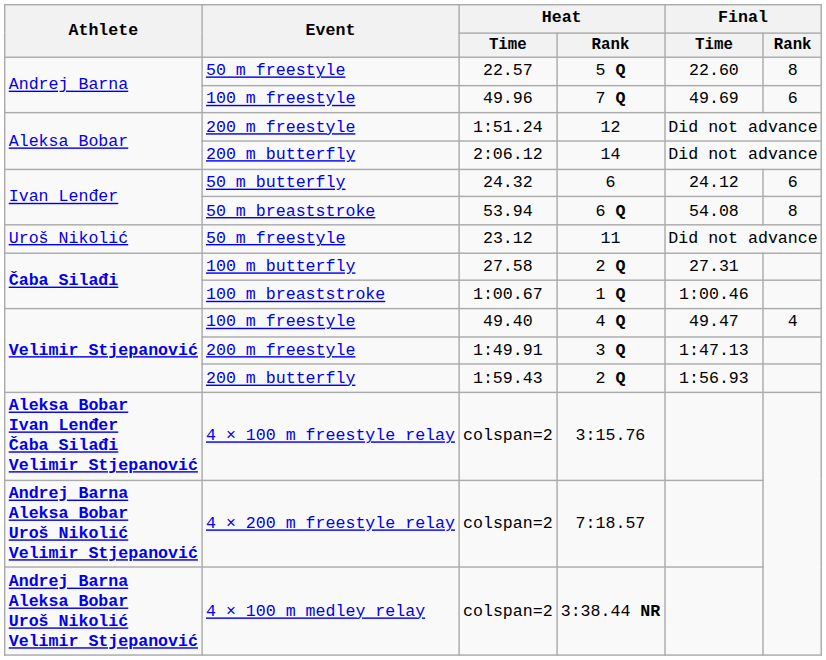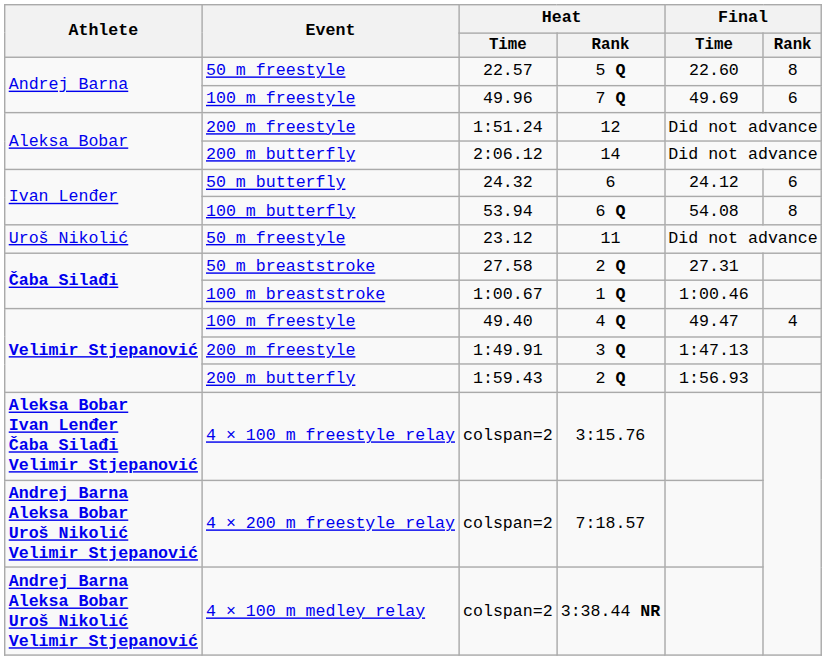 <table class=wikitable style="font-size:90%">
 <tr>
 <th rowspan="2">Athlete</th>
 <th rowspan="2">Event</th>
 <th colspan="2">Heat</th>
 <th colspan="2">Final</th>
 </tr>
 <tr style="font-size:95%">
 <th>Time</th>
 <th>Rank</th>
 <th>Time</th>
 <th>Rank</th>
 </tr>
 <tr align=center>
 <td align=left rowspan=2><a href='#'>Andrej Barna</a></td>
 <td align=left><a href='#'>50 m freestyle</a></td>
 <td>22.57</td>
 <td>5 <strong>Q</strong></td>
 <td>22.60</td>
 <td>8</td>
 </tr>
 <tr align=center>
 <td align=left><a href='#'>100 m freestyle</a></td>
 <td>49.96</td>
 <td>7 <strong>Q</strong></td>
 <td>49.69</td>
 <td>6</td>
 </tr>
 <tr align=center>
 <td align=left rowspan=2><a href='#'>Aleksa Bobar</a></td>
 <td align=left><a href='#'>200 m freestyle</a></td>
 <td>1:51.24</td>
 <td>12</td>
 <td colspan=2>Did not advance</td>
 </tr>
 <tr align=center>
 <td align=left><a href='#'>200 m butterfly</a></td>
 <td>2:06.12</td>
 <td>14</td>
 <td colspan=2>Did not advance</td>
 </tr>
 <tr align=center>
 <td align=left rowspan=2><a href='#'>Ivan Lenđer</a></td>
 <td align=left><a href='#'>50 m butterfly</a></td>
 <td>24.32</td>
 <td>6</td>
 <td>24.12</td>
 <td>6</td>
 </tr>
 <tr align=center>
-<td align=left><a href='#'>50 m breaststroke</a></td>
+<td align=left><a href='#'>100 m butterfly</a></td>
 <td>53.94</td>
 <td>6 <strong>Q</strong></td>
 <td>54.08</td>
 <td>8</td>
 </tr>
 <tr align=center>
 <td align=left><a href='#'>Uroš Nikolić</a></td>
 <td align=left><a href='#'>50 m freestyle</a></td>
 <td>23.12</td>
 <td>11</td>
 <td colspan=2>Did not advance</td>
 </tr>
 <tr align=center>
 <td align=left rowspan=2><strong><a href='#'>Čaba Silađi</a></strong></td>
-<td align=left><a href='#'>100 m butterfly</a></td>
+<td align=left><a href='#'>50 m breaststroke</a></td>
 <td>27.58</td>
 <td>2 <strong>Q</strong></td>
 <td>27.31</td>
 <td></td>
 </tr>
 <tr align=center>
 <td align=left><a href='#'>100 m breaststroke</a></td>
 <td>1:00.67</td>
 <td>1 <strong>Q</strong></td>
 <td>1:00.46</td>
 <td></td>
 </tr>
 <tr align=center>
 <td align=left rowspan=3><strong><a href='#'>Velimir Stjepanović</a></strong></td>
 <td align=left><a href='#'>100 m freestyle</a></td>
 <td>49.40</td>
 <td>4 <strong>Q</strong></td>
 <td>49.47</td>
 <td>4</td>
 </tr>
 <tr align=center>
 <td align=left><a href='#'>200 m freestyle</a></td>
 <td>1:49.91</td>
 <td>3 <strong>Q</strong></td>
 <td>1:47.13</td>
 <td></td>
 </tr>
 <tr align=center>
 <td align=left><a href='#'>200 m butterfly</a></td>
 <td>1:59.43</td>
 <td>2 <strong>Q</strong></td>
 <td>1:56.93</td>
 <td></td>
 </tr>
 <tr align=center>
 <td align=left><strong><a href='#'>Aleksa Bobar</a><br><a href='#'>Ivan Lenđer</a><br><a href='#'>Čaba Silađi</a><br><a href='#'>Velimir Stjepanović</a></strong></td>
 <td align=left><a href='#'>4 × 100 m freestyle relay</a></td>
 <td>colspan=2 </td>
 <td>3:15.76</td>
 <td></td>
 </tr>
 <tr align=center>
 <td align=left><strong><a href='#'>Andrej Barna</a><br><a href='#'>Aleksa Bobar</a><br><a href='#'>Uroš Nikolić</a><br><a href='#'>Velimir Stjepanović</a></strong></td>
 <td align=left><a href='#'>4 × 200 m freestyle relay</a></td>
 <td>colspan=2 </td>
 <td>7:18.57</td>
 <td></td>
 </tr>
 <tr align=center>
 <td align=left><strong><a href='#'>Andrej Barna</a><br><a href='#'>Aleksa Bobar</a><br><a href='#'>Uroš Nikolić</a><br><a href='#'>Velimir Stjepanović</a></strong></td>
 <td align=left><a href='#'>4 × 100 m medley relay</a></td>
 <td>colspan=2 </td>
 <td>3:38.44 <strong>NR</strong></td>
 <td></td>
 </tr>
 </table>
